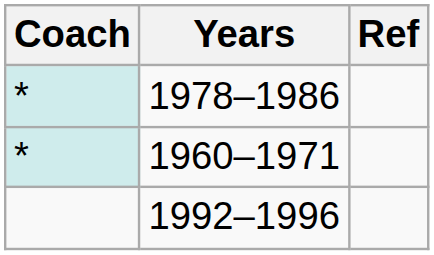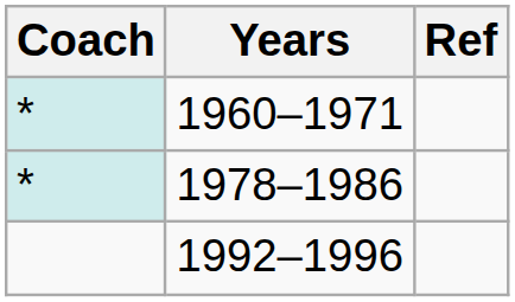 <table class="wikitable sortable" >
 <tr bgcolor="#efefef">
 <th>Coach</th>
 <th>Years</th>
 <th class="unsortable">Ref</th>
 </tr>
 <tr>
 <td style="background:#cfecec;">*</td>
-<td>1978–1986</td>
+<td>1960–1971</td>
 <td></td>
 </tr>
 <tr>
 <td style="background:#cfecec;">*</td>
-<td>1960–1971</td>
+<td>1978–1986</td>
 <td></td>
 </tr>
 <tr>
 <td></td>
 <td>1992–1996</td>
 <td></td>
 </tr>
 </table>
